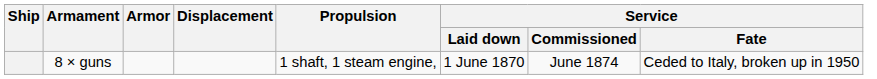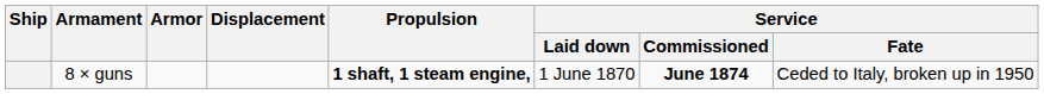 <table class="wikitable plainrowheaders" style="text-align: center;">
 <tr valign="top">
 <th scope="col" rowspan="2">Ship</th>
 <th scope="col" rowspan="2">Armament</th>
 <th scope="col" rowspan="2">Armor</th>
 <th scope="col" rowspan="2">Displacement</th>
 <th scope="col" rowspan="2">Propulsion</th>
 <th scope="col" colspan="3">Service</th>
 </tr>
 <tr valign="top">
 <th scope="col">Laid down</th>
 <th scope="col">Commissioned</th>
 <th scope="col">Fate</th>
 </tr>
 <tr valign="center">
 <th scope="row"></th>
 <td>8 ×  guns</td>
 <td></td>
 <td></td>
-<td>1 shaft, 1 steam engine, </td>
+<td><strong>1 shaft, 1 steam engine, </strong></td>
 <td>1 June 1870</td>
-<td>June 1874</td>
+<td><strong>June 1874</strong></td>
 <td>Ceded to Italy, broken up in 1950</td>
 </tr>
 </table>
